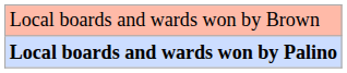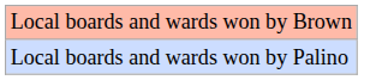 <table class="wikitable">
 <tr bgcolor="#FFBAA8">
 <td>Local boards and wards won by Brown</td>
 </tr>
 <tr bgcolor="#CCDDFF">
-<td><strong>Local boards and wards won by Palino</strong></td>
+<td>Local boards and wards won by Palino</td>
 </tr>
 </table>
